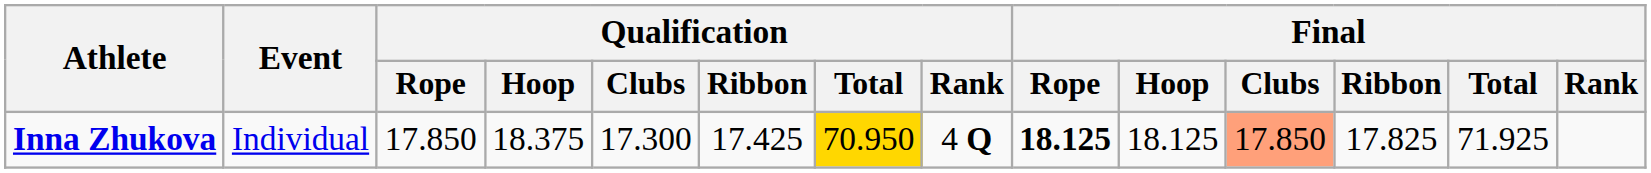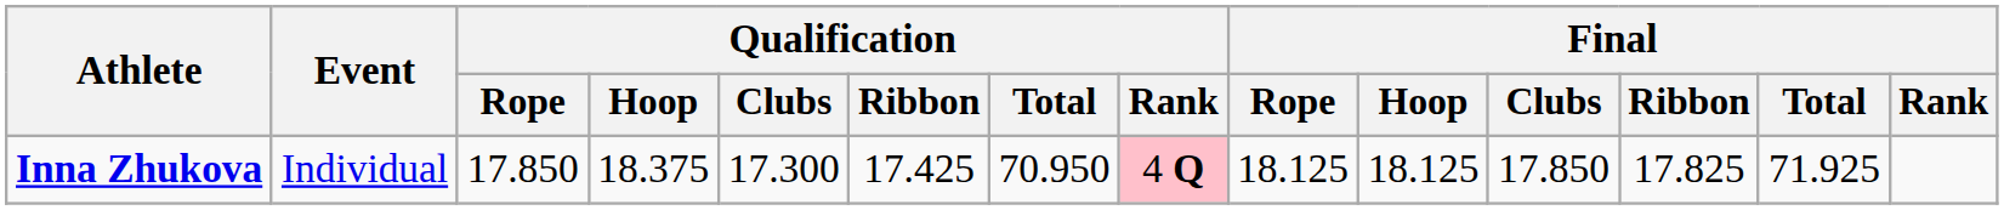 <table class="wikitable" style="font-size:90%">
 <tr>
 <th rowspan="2">Athlete</th>
 <th rowspan="2">Event</th>
 <th colspan="6">Qualification</th>
 <th colspan="6">Final</th>
 </tr>
 <tr style="font-size:95%">
 <th>Rope</th>
 <th>Hoop</th>
 <th>Clubs</th>
 <th>Ribbon</th>
 <th>Total</th>
 <th>Rank</th>
 <th>Rope</th>
 <th>Hoop</th>
 <th>Clubs</th>
 <th>Ribbon</th>
 <th>Total</th>
 <th>Rank</th>
 </tr>
 <tr align=center>
 <td align=left><strong><a href='#'>Inna Zhukova</a></strong></td>
 <td align=left><a href='#'>Individual</a></td>
 <td>17.850</td>
 <td>18.375</td>
 <td>17.300</td>
 <td>17.425</td>
-<td style="background: gold;">70.950</td>
-<td>4 <strong>Q</strong></td>
-<td><strong>18.125</strong></td>
+<td>70.950</td>
+<td style="background: pink;">4 <strong>Q</strong></td>
 <td>18.125</td>
-<td style="background: lightsalmon;">17.850</td>
+<td>18.125</td>
+<td>17.850</td>
 <td>17.825</td>
 <td>71.925</td>
 <td></td>
 </tr>
 </table>
